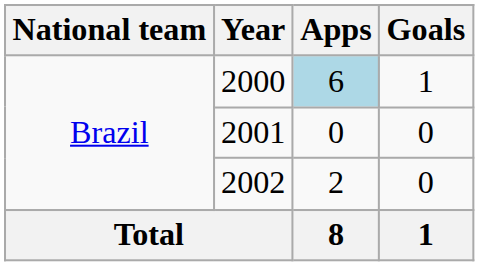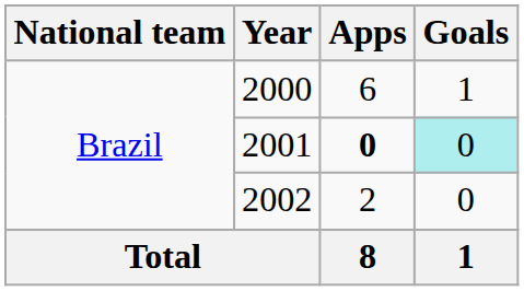 <table class="wikitable" style="text-align:center">
 <tr>
 <th>National team</th>
 <th>Year</th>
 <th>Apps</th>
 <th>Goals</th>
 </tr>
 <tr>
 <td rowspan="3"><a href='#'>Brazil</a></td>
 <td>2000</td>
-<td style="background: lightblue;">6</td>
+<td>6</td>
 <td>1</td>
 </tr>
 <tr>
 <td>2001</td>
-<td>0</td>
-<td>0</td>
+<td><strong>0</strong></td>
+<td style="background: paleturquoise;">0</td>
 </tr>
 <tr>
 <td>2002</td>
 <td>2</td>
 <td>0</td>
 </tr>
 <tr>
 <th colspan="2">Total</th>
 <th>8</th>
 <th>1</th>
 </tr>
 </table>
